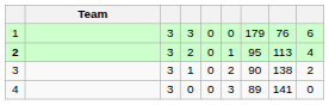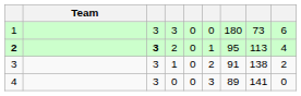 <table class=wikitable style=text-align:center>
 <tr>
 <th width=20 abbr=Position></th>
 <th width=175>Team</th>
 <th width=20 abbr=Played></th>
 <th width=20 abbr=Won></th>
 <th width=20 abbr=Drawn></th>
 <th width=20 abbr=Lost></th>
 <th width=30 abbr=Goal for></th>
 <th width=30 abbr=Goal against></th>
 <th width=30 abbr=Points></th>
 </tr>
 <tr bgcolor=#CCFFCC>
 <td>1</td>
 <td align=left></td>
 <td>3</td>
 <td>3</td>
 <td>0</td>
 <td>0</td>
-<td>179</td>
-<td>76</td>
+<td>180</td>
+<td>73</td>
 <td>6</td>
 </tr>
 <tr bgcolor=#CCFFCC>
 <td><strong>2</strong></td>
 <td align=left></td>
-<td>3</td>
+<td><strong>3</strong></td>
 <td>2</td>
 <td>0</td>
 <td>1</td>
 <td>95</td>
 <td>113</td>
 <td>4</td>
 </tr>
 <tr>
 <td>3</td>
 <td align=left></td>
 <td>3</td>
 <td>1</td>
 <td>0</td>
 <td>2</td>
-<td>90</td>
+<td>91</td>
 <td>138</td>
 <td>2</td>
 </tr>
 <tr>
 <td>4</td>
 <td align=left></td>
 <td>3</td>
 <td>0</td>
 <td>0</td>
 <td>3</td>
 <td>89</td>
 <td>141</td>
 <td>0</td>
 </tr>
 </table>
